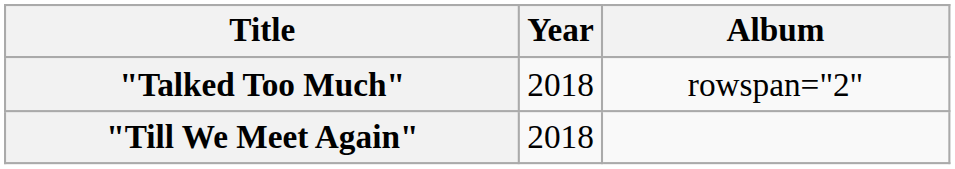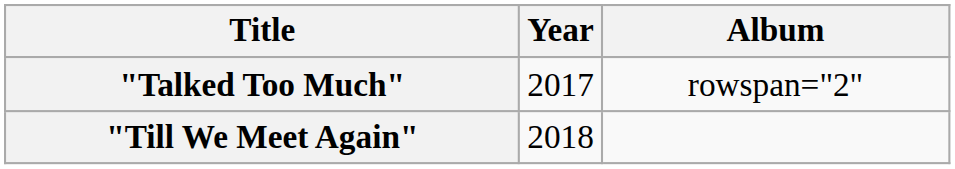 <table class="wikitable plainrowheaders" style="text-align:center;">
 <tr>
 <th scope="col" style="width:15em;">Title</th>
 <th scope="col">Year</th>
 <th scope="col" style="width:10em;">Album</th>
 </tr>
 <tr>
 <th scope="row">"Talked Too Much"<br></th>
-<td>2018</td>
+<td>2017</td>
 <td>rowspan="2" </td>
 </tr>
 <tr>
 <th scope="row">"Till We Meet Again"<br></th>
 <td>2018</td>
 </tr>
 </table>
